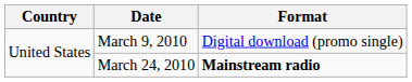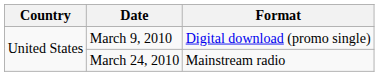 <table class="wikitable plainrowheaders">
 <tr>
 <th scope="col">Country</th>
 <th scope="col">Date</th>
 <th scope="col">Format</th>
 </tr>
 <tr>
 <td rowspan="2">United States</td>
 <td>March 9, 2010</td>
 <td><a href='#'>Digital download</a> (promo single)</td>
 </tr>
 <tr>
 <td>March 24, 2010</td>
-<td><strong>Mainstream radio</strong></td>
+<td>Mainstream radio</td>
 </tr>
 </table>
